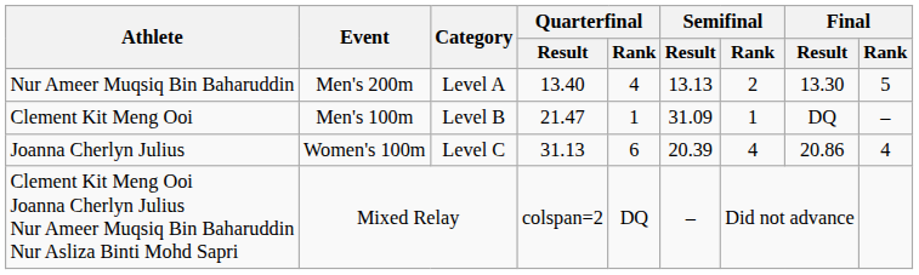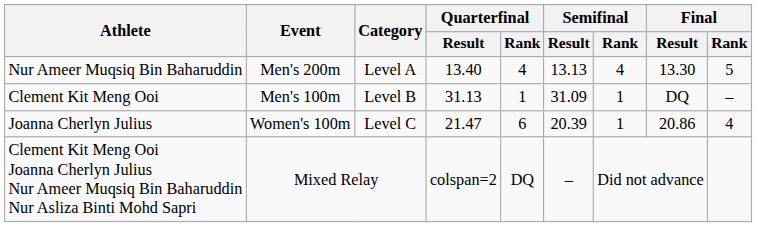 <table class="wikitable" style="font-size:90%">
 <tr>
 <th rowspan="2">Athlete</th>
 <th rowspan="2">Event</th>
 <th rowspan="2">Category</th>
 <th colspan="2">Quarterfinal</th>
 <th colspan="2">Semifinal</th>
 <th colspan="2">Final</th>
 </tr>
 <tr style="font-size:95%">
 <th>Result</th>
 <th>Rank</th>
 <th>Result</th>
 <th>Rank</th>
 <th>Result</th>
 <th>Rank</th>
 </tr>
 <tr align=center>
 <td align=left>Nur Ameer Muqsiq Bin Baharuddin</td>
 <td>Men's 200m</td>
 <td>Level A</td>
 <td>13.40</td>
 <td>4</td>
 <td>13.13</td>
-<td>2</td>
+<td>4</td>
 <td>13.30</td>
 <td>5</td>
 </tr>
 <tr align=center>
 <td align=left>Clement Kit Meng Ooi</td>
 <td>Men's 100m</td>
 <td>Level B</td>
-<td>21.47</td>
+<td>31.13</td>
 <td>1</td>
 <td>31.09</td>
 <td>1</td>
 <td>DQ</td>
 <td>–</td>
 </tr>
 <tr align=center>
 <td align=left>Joanna Cherlyn Julius</td>
 <td>Women's 100m</td>
 <td>Level C</td>
-<td>31.13</td>
+<td>21.47</td>
 <td>6</td>
 <td>20.39</td>
-<td>4</td>
+<td>1</td>
 <td>20.86</td>
 <td>4</td>
 </tr>
 <tr align=center>
 <td align=left>Clement Kit Meng Ooi<br>Joanna Cherlyn Julius<br>Nur Ameer Muqsiq Bin Baharuddin<br>Nur Asliza Binti Mohd Sapri</td>
 <td colspan=2> Mixed Relay</td>
 <td>colspan=2 </td>
 <td>DQ</td>
 <td>–</td>
 <td colspan=2>Did not advance</td>
 </tr>
 </table>
